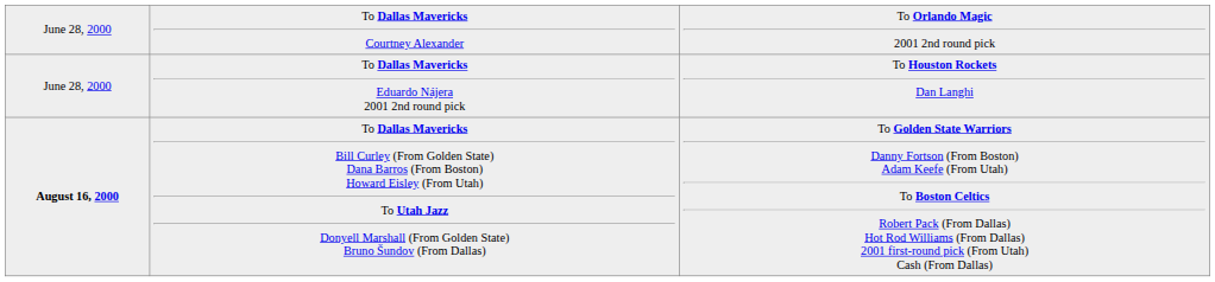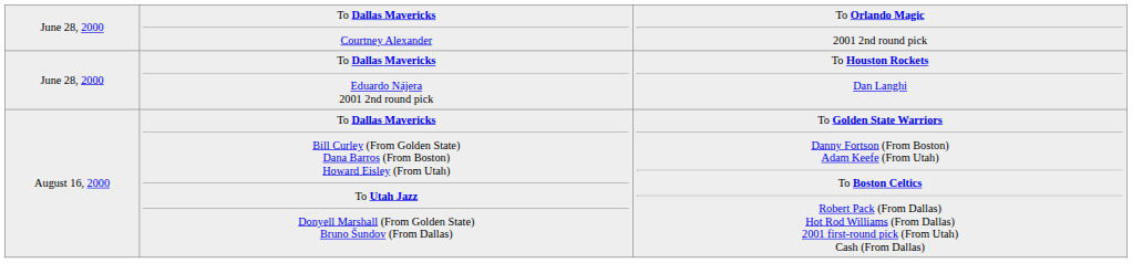 <table border="1" style="border-collapse:collapse; text-align:center; width:100%;"  cellpadding="5">
 <tr style="background:#eee;">
 <td style="width:12%">June 28, <a href='#'>2000</a></td>
 <td style="width:44%; vertical-align:top;">To <strong><a href='#'>Dallas Mavericks</a></strong><hr><a href='#'>Courtney Alexander</a></td>
 <td style="width:44%; vertical-align:top;">To <strong><a href='#'>Orlando Magic</a></strong><hr>2001 2nd round pick</td>
 </tr>
 <tr style="background:#eee;">
 <td style="width:12%">June 28, <a href='#'>2000</a></td>
 <td style="width:44%; vertical-align:top;">To <strong><a href='#'>Dallas Mavericks</a></strong><hr><a href='#'>Eduardo Nájera</a><br>2001 2nd round pick</td>
 <td style="width:44%; vertical-align:top;">To <strong><a href='#'>Houston Rockets</a></strong><hr><a href='#'>Dan Langhi</a></td>
 </tr>
 <tr style="background:#eee;">
-<td style="width:12%"><strong>August 16, <a href='#'>2000</a></strong></td>
+<td style="width:12%">August 16, <a href='#'>2000</a></td>
 <td style="width:44%" valign="top">To <strong><a href='#'>Dallas Mavericks</a></strong><hr><a href='#'>Bill Curley</a> (From Golden State)<br><a href='#'>Dana Barros</a> (From Boston)<br><a href='#'>Howard Eisley</a> (From Utah)<hr>To <strong><a href='#'>Utah Jazz</a></strong><hr><a href='#'>Donyell Marshall</a> (From Golden State)<br><a href='#'>Bruno Šundov</a> (From Dallas)</td>
 <td style="width:44%" valign="top">To <strong><a href='#'>Golden State Warriors</a></strong><hr><a href='#'>Danny Fortson</a> (From Boston)<br><a href='#'>Adam Keefe</a> (From Utah)<hr>To <strong><a href='#'>Boston Celtics</a></strong><hr><a href='#'>Robert Pack</a> (From Dallas)<br><a href='#'>Hot Rod Williams</a> (From Dallas)<br><a href='#'>2001 first-round pick</a> (From Utah)<br>Cash (From Dallas)</td>
 </tr>
 </table>
